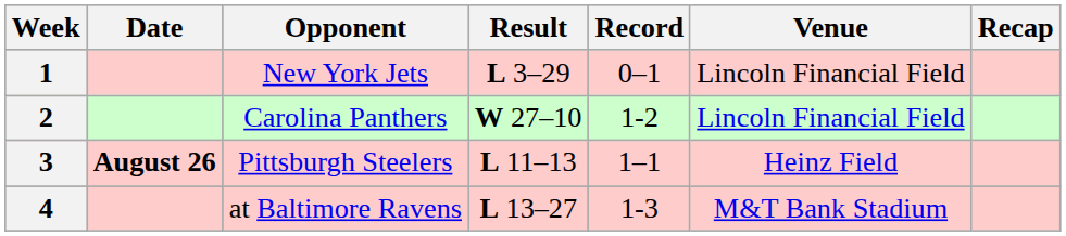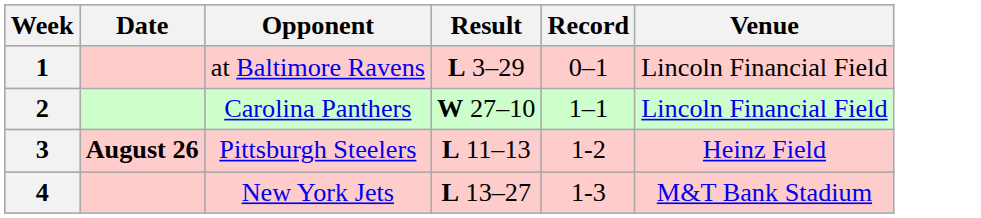 <table class="wikitable" style="text-align:center">
 <tr>
 <th>Week</th>
 <th>Date</th>
 <th>Opponent</th>
 <th>Result</th>
 <th>Record</th>
 <th>Venue</th>
-<th>Recap</th>
 </tr>
 <tr style="background:#fcc">
 <th>1</th>
 <td></td>
-<td><a href='#'>New York Jets</a></td>
+<td>at <a href='#'>Baltimore Ravens</a></td>
 <td><strong>L</strong> 3–29</td>
 <td>0–1</td>
 <td>Lincoln Financial Field</td>
-<td></td>
 </tr>
 <tr style="background:#cfc">
 <th>2</th>
 <td></td>
 <td><a href='#'>Carolina Panthers</a></td>
 <td><strong>W</strong> 27–10</td>
-<td>1-2</td>
+<td>1–1</td>
 <td><a href='#'>Lincoln Financial Field</a></td>
-<td></td>
 </tr>
 <tr style="background:#fcc">
 <th>3</th>
 <td><strong>August 26</strong></td>
 <td><a href='#'>Pittsburgh Steelers</a></td>
 <td><strong>L</strong> 11–13</td>
-<td>1–1</td>
+<td>1-2</td>
 <td><a href='#'>Heinz Field</a></td>
-<td></td>
 </tr>
 <tr style="background:#fcc">
 <th>4</th>
 <td></td>
-<td>at <a href='#'>Baltimore Ravens</a></td>
+<td><a href='#'>New York Jets</a></td>
 <td><strong>L</strong> 13–27</td>
 <td>1-3</td>
 <td><a href='#'>M&T Bank Stadium</a></td>
-<td></td>
 </tr>
 </table>
